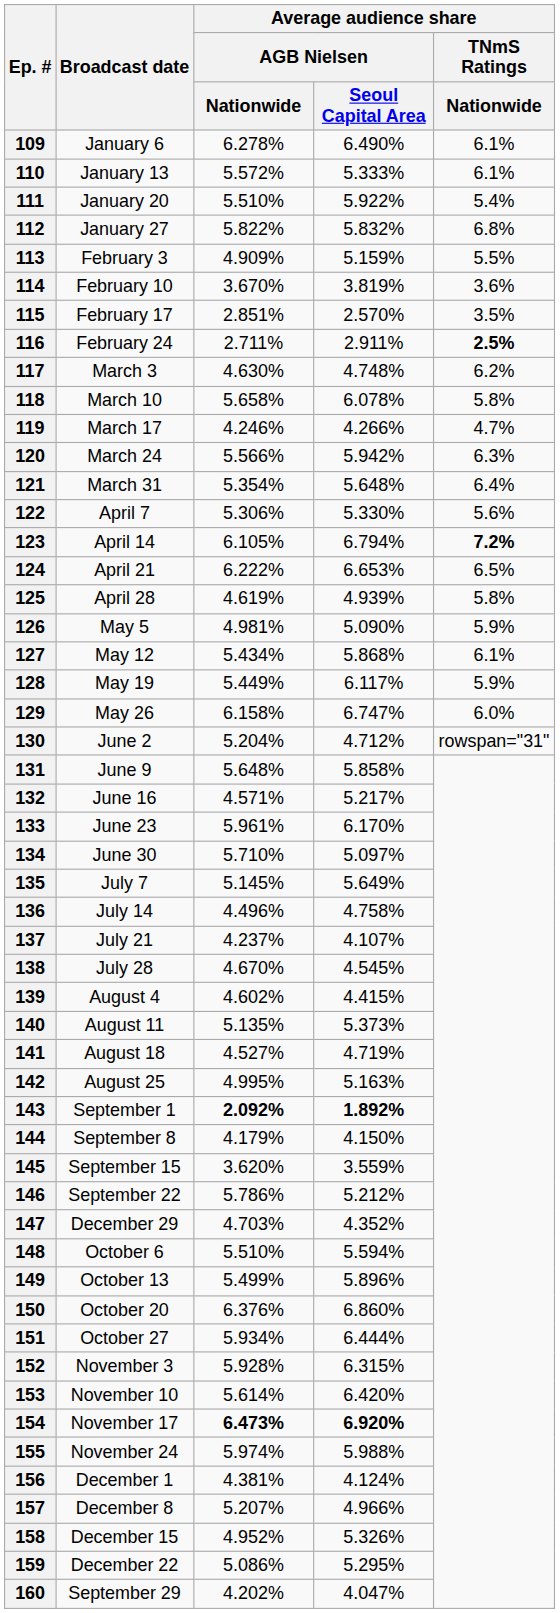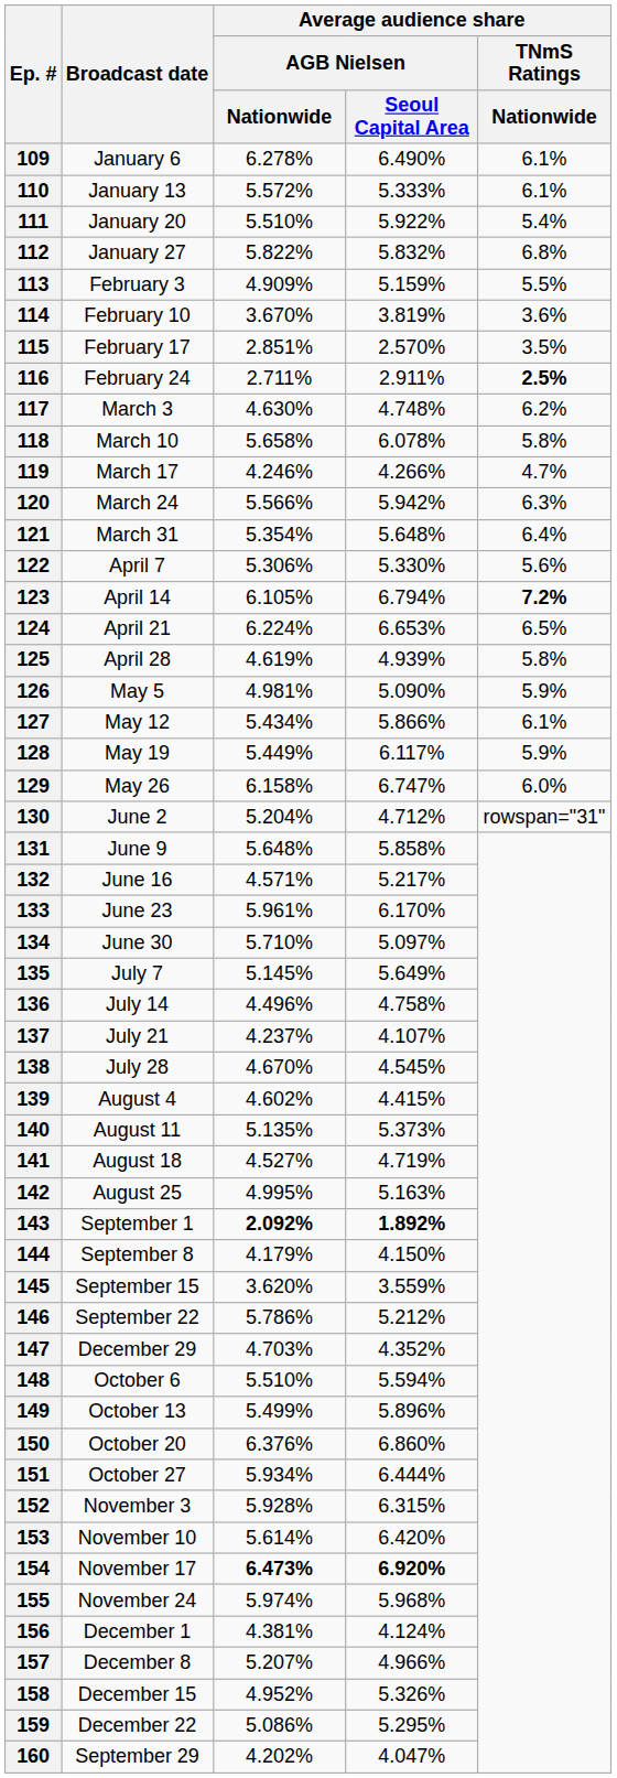 <table class="wikitable" style="text-align:center">
 <tr>
 <th rowspan="3">Ep. #</th>
 <th rowspan="3">Broadcast date</th>
 <th colspan="3">Average audience share</th>
 </tr>
 <tr>
 <th colspan="2">AGB Nielsen</th>
 <th rowspan="1">TNmS Ratings</th>
 </tr>
 <tr>
 <th width=100>Nationwide</th>
 <th width=100><a href='#'>Seoul Capital Area</a></th>
 <th width=100>Nationwide</th>
 </tr>
 <tr>
 <th>109</th>
 <td>January 6</td>
 <td>6.278%</td>
 <td>6.490%</td>
 <td>6.1%</td>
 </tr>
 <tr>
 <th>110</th>
 <td>January 13</td>
 <td>5.572%</td>
 <td>5.333%</td>
 <td>6.1%</td>
 </tr>
 <tr>
 <th>111</th>
 <td>January 20</td>
 <td>5.510%</td>
 <td>5.922%</td>
 <td>5.4%</td>
 </tr>
 <tr>
 <th>112</th>
 <td>January 27</td>
 <td>5.822%</td>
 <td>5.832%</td>
 <td>6.8%</td>
 </tr>
 <tr>
 <th>113</th>
 <td>February 3</td>
 <td>4.909%</td>
 <td>5.159%</td>
 <td>5.5%</td>
 </tr>
 <tr>
 <th>114</th>
 <td>February 10</td>
 <td>3.670%</td>
 <td>3.819%</td>
 <td>3.6%</td>
 </tr>
 <tr>
 <th>115</th>
 <td>February 17</td>
 <td>2.851%</td>
 <td>2.570%</td>
 <td>3.5%</td>
 </tr>
 <tr>
 <th>116</th>
 <td>February 24</td>
 <td>2.711%</td>
 <td>2.911%</td>
 <td><span><strong>2.5%</strong></span></td>
 </tr>
 <tr>
 <th>117</th>
 <td>March 3</td>
 <td>4.630%</td>
 <td>4.748%</td>
 <td>6.2%</td>
 </tr>
 <tr>
 <th>118</th>
 <td>March 10</td>
 <td>5.658%</td>
 <td>6.078%</td>
 <td>5.8%</td>
 </tr>
 <tr>
 <th>119</th>
 <td>March 17</td>
 <td>4.246%</td>
 <td>4.266%</td>
 <td>4.7%</td>
 </tr>
 <tr>
 <th>120</th>
 <td>March 24</td>
 <td>5.566%</td>
 <td>5.942%</td>
 <td>6.3%</td>
 </tr>
 <tr>
 <th>121</th>
 <td>March 31</td>
 <td>5.354%</td>
 <td>5.648%</td>
 <td>6.4%</td>
 </tr>
 <tr>
 <th>122</th>
 <td>April 7</td>
 <td>5.306%</td>
 <td>5.330%</td>
 <td>5.6%</td>
 </tr>
 <tr>
 <th>123</th>
 <td>April 14</td>
 <td>6.105%</td>
 <td>6.794%</td>
 <td><span><strong>7.2%</strong></span></td>
 </tr>
 <tr>
 <th>124</th>
 <td>April 21</td>
-<td>6.222%</td>
+<td>6.224%</td>
 <td>6.653%</td>
 <td>6.5%</td>
 </tr>
 <tr>
 <th>125</th>
 <td>April 28</td>
 <td>4.619%</td>
 <td>4.939%</td>
 <td>5.8%</td>
 </tr>
 <tr>
 <th>126</th>
 <td>May 5</td>
 <td>4.981%</td>
 <td>5.090%</td>
 <td>5.9%</td>
 </tr>
 <tr>
 <th>127</th>
 <td>May 12</td>
 <td>5.434%</td>
-<td>5.868%</td>
+<td>5.866%</td>
 <td>6.1%</td>
 </tr>
 <tr>
 <th>128</th>
 <td>May 19</td>
 <td>5.449%</td>
 <td>6.117%</td>
 <td>5.9%</td>
 </tr>
 <tr>
 <th>129</th>
 <td>May 26</td>
 <td>6.158%</td>
 <td>6.747%</td>
 <td>6.0%</td>
 </tr>
 <tr>
 <th>130</th>
 <td>June 2</td>
 <td>5.204%</td>
 <td>4.712%</td>
 <td>rowspan="31" </td>
 </tr>
 <tr>
 <th>131</th>
 <td>June 9</td>
 <td>5.648%</td>
 <td>5.858%</td>
 </tr>
 <tr>
 <th>132</th>
 <td>June 16</td>
 <td>4.571%</td>
 <td>5.217%</td>
 </tr>
 <tr>
 <th>133</th>
 <td>June 23</td>
 <td>5.961%</td>
 <td>6.170%</td>
 </tr>
 <tr>
 <th>134</th>
 <td>June 30</td>
 <td>5.710%</td>
 <td>5.097%</td>
 </tr>
 <tr>
 <th>135</th>
 <td>July 7</td>
 <td>5.145%</td>
 <td>5.649%</td>
 </tr>
 <tr>
 <th>136</th>
 <td>July 14</td>
 <td>4.496%</td>
 <td>4.758%</td>
 </tr>
 <tr>
 <th>137</th>
 <td>July 21</td>
 <td>4.237%</td>
 <td>4.107%</td>
 </tr>
 <tr>
 <th>138</th>
 <td>July 28</td>
 <td>4.670%</td>
 <td>4.545%</td>
 </tr>
 <tr>
 <th>139</th>
 <td>August 4</td>
 <td>4.602%</td>
 <td>4.415%</td>
 </tr>
 <tr>
 <th>140</th>
 <td>August 11</td>
 <td>5.135%</td>
 <td>5.373%</td>
 </tr>
 <tr>
 <th>141</th>
 <td>August 18</td>
 <td>4.527%</td>
 <td>4.719%</td>
 </tr>
 <tr>
 <th>142</th>
 <td>August 25</td>
 <td>4.995%</td>
 <td>5.163%</td>
 </tr>
 <tr>
 <th>143</th>
 <td>September 1</td>
 <td><span><strong>2.092%</strong></span></td>
 <td><span><strong>1.892%</strong></span></td>
 </tr>
 <tr>
 <th>144</th>
 <td>September 8</td>
 <td>4.179%</td>
 <td>4.150%</td>
 </tr>
 <tr>
 <th>145</th>
 <td>September 15</td>
 <td>3.620%</td>
 <td>3.559%</td>
 </tr>
 <tr>
 <th>146</th>
 <td>September 22</td>
 <td>5.786%</td>
 <td>5.212%</td>
 </tr>
 <tr>
 <th>147</th>
 <td>December 29</td>
 <td>4.703%</td>
 <td>4.352%</td>
 </tr>
 <tr>
 <th>148</th>
 <td>October 6</td>
 <td>5.510%</td>
 <td>5.594%</td>
 </tr>
 <tr>
 <th>149</th>
 <td>October 13</td>
 <td>5.499%</td>
 <td>5.896%</td>
 </tr>
 <tr>
 <th>150</th>
 <td>October 20</td>
 <td>6.376%</td>
 <td>6.860%</td>
 </tr>
 <tr>
 <th>151</th>
 <td>October 27</td>
 <td>5.934%</td>
 <td>6.444%</td>
 </tr>
 <tr>
 <th>152</th>
 <td>November 3</td>
 <td>5.928%</td>
 <td>6.315%</td>
 </tr>
 <tr>
 <th>153</th>
 <td>November 10</td>
 <td>5.614%</td>
 <td>6.420%</td>
 </tr>
 <tr>
 <th>154</th>
 <td>November 17</td>
 <td><span><strong>6.473%</strong></span></td>
 <td><span><strong>6.920%</strong></span></td>
 </tr>
 <tr>
 <th>155</th>
 <td>November 24</td>
 <td>5.974%</td>
-<td>5.988%</td>
+<td>5.968%</td>
 </tr>
 <tr>
 <th>156</th>
 <td>December 1</td>
 <td>4.381%</td>
 <td>4.124%</td>
 </tr>
 <tr>
 <th>157</th>
 <td>December 8</td>
 <td>5.207%</td>
 <td>4.966%</td>
 </tr>
 <tr>
 <th>158</th>
 <td>December 15</td>
 <td>4.952%</td>
 <td>5.326%</td>
 </tr>
 <tr>
 <th>159</th>
 <td>December 22</td>
 <td>5.086%</td>
 <td>5.295%</td>
 </tr>
 <tr>
 <th>160</th>
 <td>September 29</td>
 <td>4.202%</td>
 <td>4.047%</td>
 </tr>
 </table>
